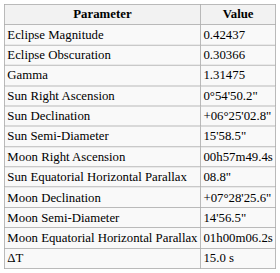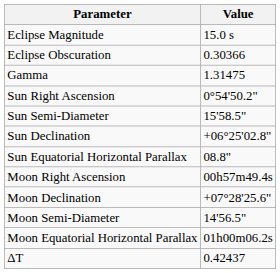 <table class="wikitable">
 <tr>
 <th>Parameter</th>
 <th>Value</th>
 </tr>
 <tr>
 <td>Eclipse Magnitude</td>
-<td>0.42437</td>
+<td>15.0 s</td>
 </tr>
 <tr>
 <td>Eclipse Obscuration</td>
 <td>0.30366</td>
 </tr>
 <tr>
 <td>Gamma</td>
 <td>1.31475</td>
 </tr>
 <tr>
 <td>Sun Right Ascension</td>
 <td>0°54'50.2"</td>
 </tr>
 <tr>
+<td>Sun Semi-Diameter</td>
+<td>15'58.5"</td>
+</tr>
+<tr>
 <td>Sun Declination</td>
 <td>+06°25'02.8"</td>
 </tr>
 <tr>
-<td>Sun Semi-Diameter</td>
-<td>15'58.5"</td>
+<td>Sun Equatorial Horizontal Parallax</td>
+<td>08.8"</td>
 </tr>
 <tr>
 <td>Moon Right Ascension</td>
 <td>00h57m49.4s</td>
-</tr>
-<tr>
-<td>Sun Equatorial Horizontal Parallax</td>
-<td>08.8"</td>
 </tr>
 <tr>
 <td>Moon Declination</td>
 <td>+07°28'25.6"</td>
 </tr>
 <tr>
 <td>Moon Semi-Diameter</td>
 <td>14'56.5"</td>
 </tr>
 <tr>
 <td>Moon Equatorial Horizontal Parallax</td>
 <td>01h00m06.2s</td>
 </tr>
 <tr>
 <td>ΔT</td>
-<td>15.0 s</td>
+<td>0.42437</td>
 </tr>
 </table>
